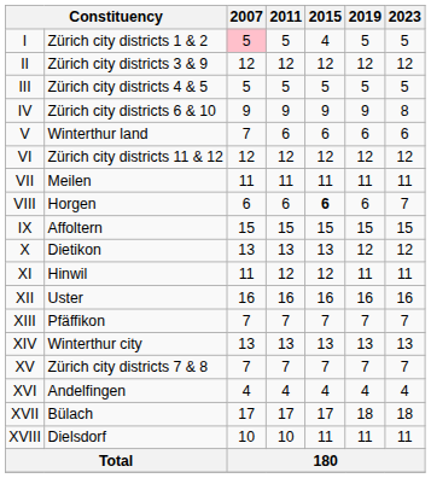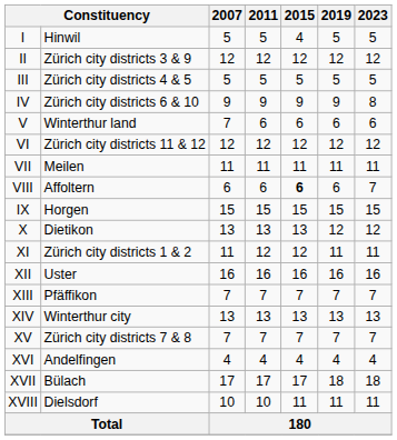 <table class="wikitable" style="font-size:90%; text-align:center">
 <tr>
 <th colspan="2">Constituency</th>
 <th>2007</th>
 <th>2011</th>
 <th>2015</th>
 <th>2019</th>
 <th>2023</th>
 </tr>
 <tr>
 <td>I</td>
-<td style="text-align:left;">Zürich city districts 1 & 2</td>
-<td style="background: pink;">5</td>
+<td style="text-align:left;">Hinwil</td>
+<td>5</td>
 <td>5</td>
 <td>4</td>
 <td>5</td>
 <td>5</td>
 </tr>
 <tr>
 <td>II</td>
 <td style="text-align:left;">Zürich city districts 3 & 9</td>
 <td>12</td>
 <td>12</td>
 <td>12</td>
 <td>12</td>
 <td>12</td>
 </tr>
 <tr>
 <td>III</td>
 <td style="text-align:left;">Zürich city districts 4 & 5</td>
 <td>5</td>
 <td>5</td>
 <td>5</td>
 <td>5</td>
 <td>5</td>
 </tr>
 <tr>
 <td>IV</td>
 <td style="text-align:left;">Zürich city districts 6 & 10</td>
 <td>9</td>
 <td>9</td>
 <td>9</td>
 <td>9</td>
 <td>8</td>
 </tr>
 <tr>
 <td>V</td>
 <td style="text-align:left;">Winterthur land</td>
 <td>7</td>
 <td>6</td>
 <td>6</td>
 <td>6</td>
 <td>6</td>
 </tr>
 <tr>
 <td>VI</td>
 <td style="text-align:left;">Zürich city districts 11 & 12</td>
 <td>12</td>
 <td>12</td>
 <td>12</td>
 <td>12</td>
 <td>12</td>
 </tr>
 <tr>
 <td>VII</td>
 <td style="text-align:left;">Meilen</td>
 <td>11</td>
 <td>11</td>
 <td>11</td>
 <td>11</td>
 <td>11</td>
 </tr>
 <tr>
 <td>VIII</td>
-<td style="text-align:left;">Horgen</td>
+<td style="text-align:left;">Affoltern</td>
 <td>6</td>
 <td>6</td>
 <td><strong>6</strong></td>
 <td>6</td>
 <td>7</td>
 </tr>
 <tr>
 <td>IX</td>
-<td style="text-align:left;">Affoltern</td>
+<td style="text-align:left;">Horgen</td>
 <td>15</td>
 <td>15</td>
 <td>15</td>
 <td>15</td>
 <td>15</td>
 </tr>
 <tr>
 <td>X</td>
 <td style="text-align:left;">Dietikon</td>
 <td>13</td>
 <td>13</td>
 <td>13</td>
 <td>12</td>
 <td>12</td>
 </tr>
 <tr>
 <td>XI</td>
-<td style="text-align:left;">Hinwil</td>
+<td style="text-align:left;">Zürich city districts 1 & 2</td>
 <td>11</td>
 <td>12</td>
 <td>12</td>
 <td>11</td>
 <td>11</td>
 </tr>
 <tr>
 <td>XII</td>
 <td style="text-align:left;">Uster</td>
 <td>16</td>
 <td>16</td>
 <td>16</td>
 <td>16</td>
 <td>16</td>
 </tr>
 <tr>
 <td>XIII</td>
 <td style="text-align:left;">Pfäffikon</td>
 <td>7</td>
 <td>7</td>
 <td>7</td>
 <td>7</td>
 <td>7</td>
 </tr>
 <tr>
 <td>XIV</td>
 <td style="text-align:left;">Winterthur city</td>
 <td>13</td>
 <td>13</td>
 <td>13</td>
 <td>13</td>
 <td>13</td>
 </tr>
 <tr>
 <td>XV</td>
 <td style="text-align:left;">Zürich city districts 7 & 8</td>
 <td>7</td>
 <td>7</td>
 <td>7</td>
 <td>7</td>
 <td>7</td>
 </tr>
 <tr>
 <td>XVI</td>
 <td style="text-align:left;">Andelfingen</td>
 <td>4</td>
 <td>4</td>
 <td>4</td>
 <td>4</td>
 <td>4</td>
 </tr>
 <tr>
 <td>XVII</td>
 <td style="text-align:left;">Bülach</td>
 <td>17</td>
 <td>17</td>
 <td>17</td>
 <td>18</td>
 <td>18</td>
 </tr>
 <tr>
 <td>XVIII</td>
 <td style="text-align:left;">Dielsdorf</td>
 <td>10</td>
 <td>10</td>
 <td>11</td>
 <td>11</td>
 <td>11</td>
 </tr>
 <tr>
 <th colspan=2>Total</th>
 <th colspan=5>180</th>
 </tr>
 <tr>
 </tr>
 </table>
